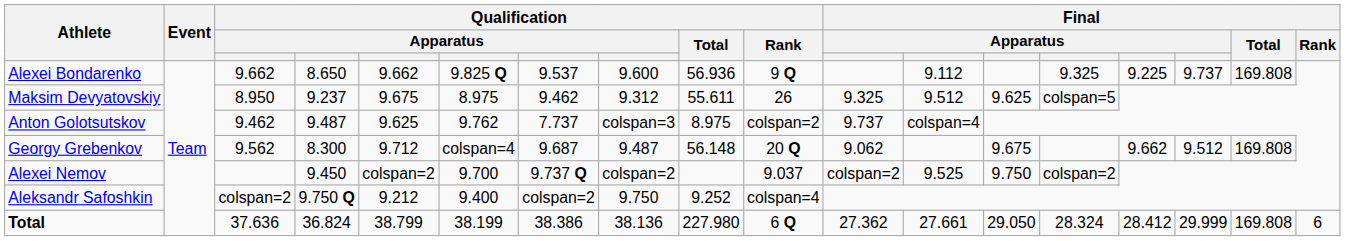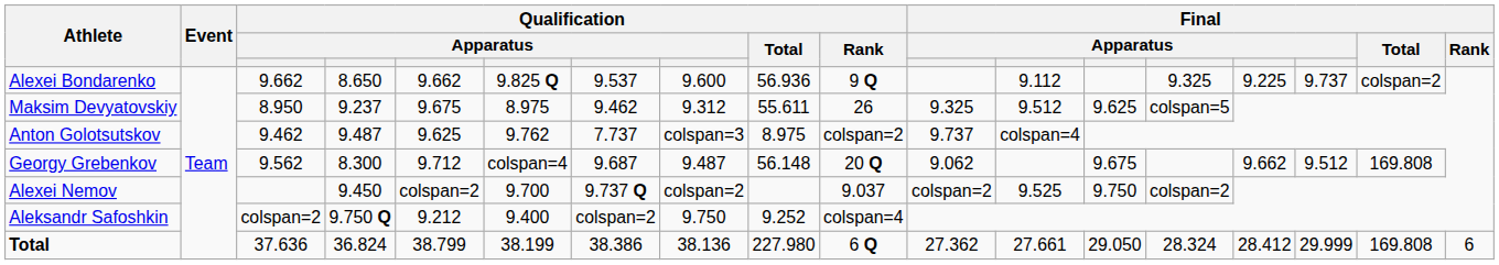 <table class="wikitable" style="font-size:90%">
 <tr>
 <th rowspan=3>Athlete</th>
 <th rowspan=3>Event</th>
 <th colspan =8>Qualification</th>
 <th colspan =8>Final</th>
 </tr>
 <tr style="font-size:95%">
 <th colspan=6>Apparatus</th>
 <th rowspan=2>Total</th>
 <th rowspan=2>Rank</th>
 <th colspan=6>Apparatus</th>
 <th rowspan=2>Total</th>
 <th rowspan=2>Rank</th>
 </tr>
 <tr style="font-size:95%">
 <th></th>
 <th></th>
 <th></th>
 <th></th>
 <th></th>
 <th></th>
 <th></th>
 <th></th>
 <th></th>
 <th></th>
 <th></th>
 <th></th>
 </tr>
 <tr align=center>
 <td align=left><a href='#'>Alexei Bondarenko</a></td>
 <td align=left rowspan=7><a href='#'>Team</a></td>
 <td>9.662</td>
 <td>8.650</td>
 <td>9.662</td>
 <td>9.825 <strong>Q</strong></td>
 <td>9.537</td>
 <td>9.600</td>
 <td>56.936</td>
 <td>9 <strong>Q</strong></td>
 <td></td>
 <td>9.112</td>
 <td></td>
 <td>9.325</td>
 <td>9.225</td>
 <td>9.737</td>
-<td>169.808</td>
+<td>colspan=2 </td>
 </tr>
 <tr align=center>
 <td align=left><a href='#'>Maksim Devyatovskiy</a></td>
 <td>8.950</td>
 <td>9.237</td>
 <td>9.675</td>
 <td>8.975</td>
 <td>9.462</td>
 <td>9.312</td>
 <td>55.611</td>
 <td>26</td>
 <td>9.325</td>
 <td>9.512</td>
 <td>9.625</td>
 <td>colspan=5 </td>
 </tr>
 <tr align=center>
 <td align=left><a href='#'>Anton Golotsutskov</a></td>
 <td>9.462</td>
 <td>9.487</td>
 <td>9.625</td>
 <td>9.762</td>
 <td>7.737</td>
 <td>colspan=3 </td>
 <td>8.975</td>
 <td>colspan=2 </td>
 <td>9.737</td>
 <td>colspan=4 </td>
 </tr>
 <tr align=center>
 <td align=left><a href='#'>Georgy Grebenkov</a></td>
 <td>9.562</td>
 <td>8.300</td>
 <td>9.712</td>
 <td>colspan=4 </td>
 <td>9.687</td>
 <td>9.487</td>
 <td>56.148</td>
 <td>20 <strong>Q</strong></td>
 <td>9.062</td>
 <td></td>
 <td>9.675</td>
 <td></td>
 <td>9.662</td>
 <td>9.512</td>
 <td>169.808</td>
 </tr>
 <tr align=center>
 <td align=left><a href='#'>Alexei Nemov</a></td>
 <td></td>
 <td>9.450</td>
 <td>colspan=2 </td>
 <td>9.700</td>
 <td>9.737 <strong>Q</strong></td>
 <td>colspan=2 </td>
 <td></td>
 <td>9.037</td>
 <td>colspan=2 </td>
 <td>9.525</td>
 <td>9.750</td>
 <td>colspan=2 </td>
 </tr>
 <tr align=center>
 <td align=left><a href='#'>Aleksandr Safoshkin</a></td>
 <td>colspan=2 </td>
 <td>9.750 <strong>Q</strong></td>
 <td>9.212</td>
 <td>9.400</td>
 <td>colspan=2 </td>
 <td>9.750</td>
 <td>9.252</td>
 <td>colspan=4 </td>
 </tr>
 <tr align=center>
 <td align=left><strong>Total</strong></td>
 <td>37.636</td>
 <td>36.824</td>
 <td>38.799</td>
 <td>38.199</td>
 <td>38.386</td>
 <td>38.136</td>
 <td>227.980</td>
 <td>6 <strong>Q</strong></td>
 <td>27.362</td>
 <td>27.661</td>
 <td>29.050</td>
 <td>28.324</td>
 <td>28.412</td>
 <td>29.999</td>
 <td>169.808</td>
 <td>6</td>
 </tr>
 </table>
